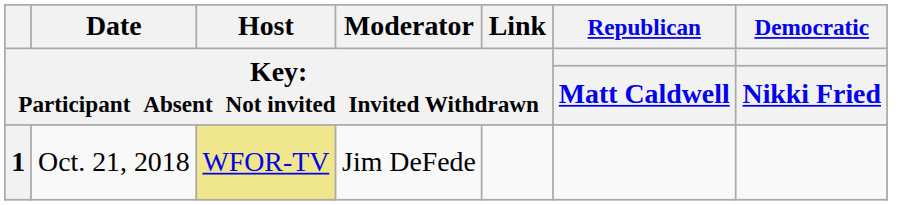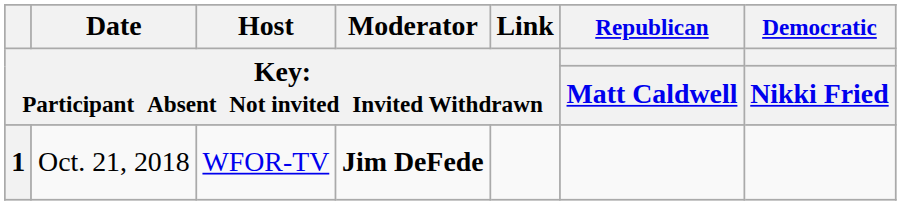 <table class="wikitable" style="text-align:center;">
 <tr>
 <th scope="col"></th>
 <th scope="col">Date</th>
 <th scope="col">Host</th>
 <th scope="col">Moderator</th>
 <th scope="col">Link</th>
 <th scope="col"><small><a href='#'>Republican</a></small></th>
 <th scope="col"><small><a href='#'>Democratic</a></small></th>
 </tr>
 <tr>
 <th colspan="5" rowspan="2">Key:<br> <small>Participant </small>  <small>Absent </small>  <small>Not invited </small>  <small>Invited  Withdrawn</small></th>
 <th scope="col" style="background:"></th>
 <th scope="col" style="background:"></th>
 </tr>
 <tr>
 <th scope="col"><a href='#'>Matt Caldwell</a></th>
 <th scope="col"><a href='#'>Nikki Fried</a></th>
 </tr>
 <tr>
 <th>1</th>
 <td style="white-space:nowrap;">Oct. 21, 2018</td>
-<td style="background: khaki; white-space:nowrap;"><a href='#'>WFOR-TV</a></td>
-<td style="white-space:nowrap;">Jim DeFede</td>
+<td style="white-space:nowrap;"><a href='#'>WFOR-TV</a></td>
+<td style="white-space:nowrap;"><strong>Jim DeFede</strong></td>
 <td style="white-space:nowrap;"><br><br></td>
 <td></td>
 <td></td>
 </tr>
 </table>
